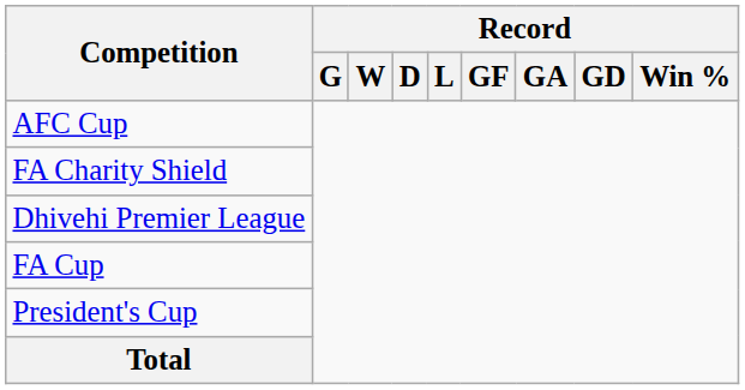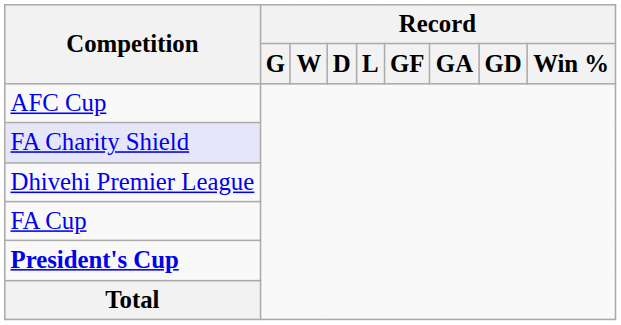 <table class="wikitable" style="text-align: center">
 <tr>
 <th rowspan="2">Competition</th>
 <th colspan="9">Record</th>
 </tr>
 <tr>
 <th>G</th>
 <th>W</th>
 <th>D</th>
 <th>L</th>
 <th>GF</th>
 <th>GA</th>
 <th>GD</th>
 <th>Win %</th>
 </tr>
 <tr>
 <td style="text-align: left"><a href='#'>AFC Cup</a><br></td>
 </tr>
 <tr>
-<td style="text-align: left"><a href='#'>FA Charity Shield</a><br></td>
+<td style="background: lavender; text-align: left"><a href='#'>FA Charity Shield</a><br></td>
 </tr>
 <tr>
 <td style="text-align: left"><a href='#'>Dhivehi Premier League</a><br></td>
 </tr>
 <tr>
 <td style="text-align: left"><a href='#'>FA Cup</a><br></td>
 </tr>
 <tr>
-<td style="text-align: left"><a href='#'>President's Cup</a><br></td>
+<td style="text-align: left"><strong><a href='#'>President's Cup</a><br></strong></td>
 </tr>
 <tr>
 <th>Total<br></th>
 </tr>
 </table>
